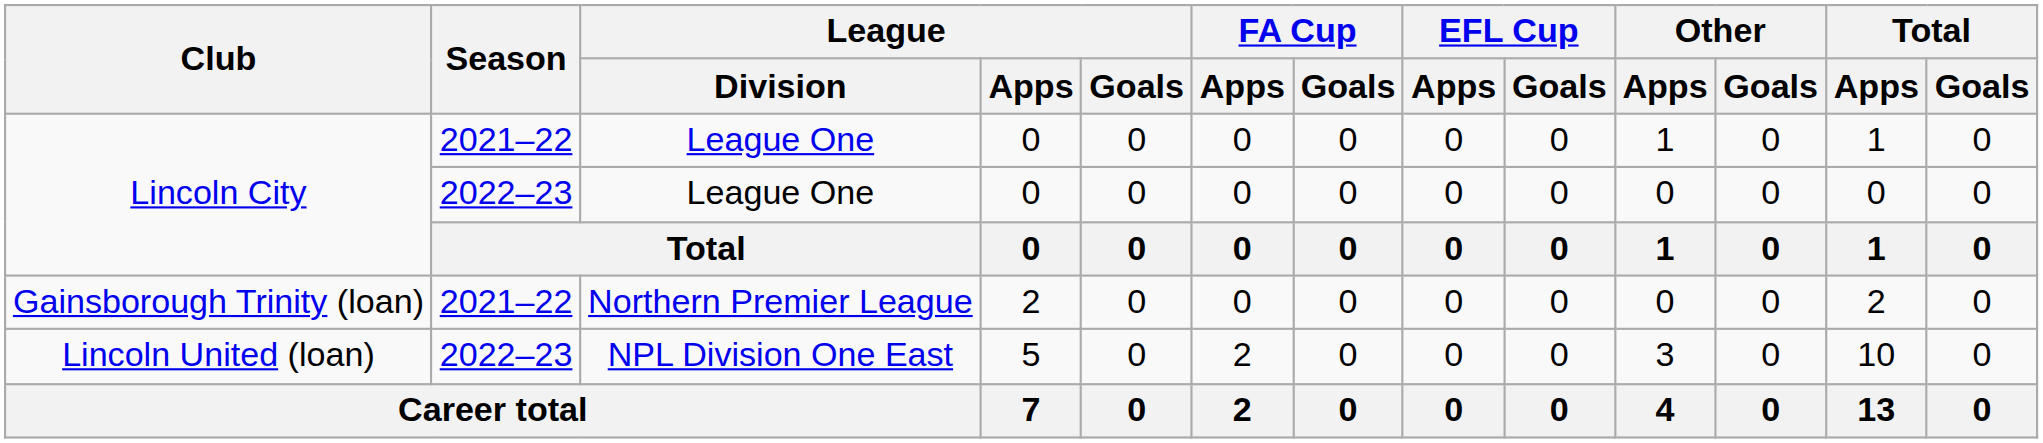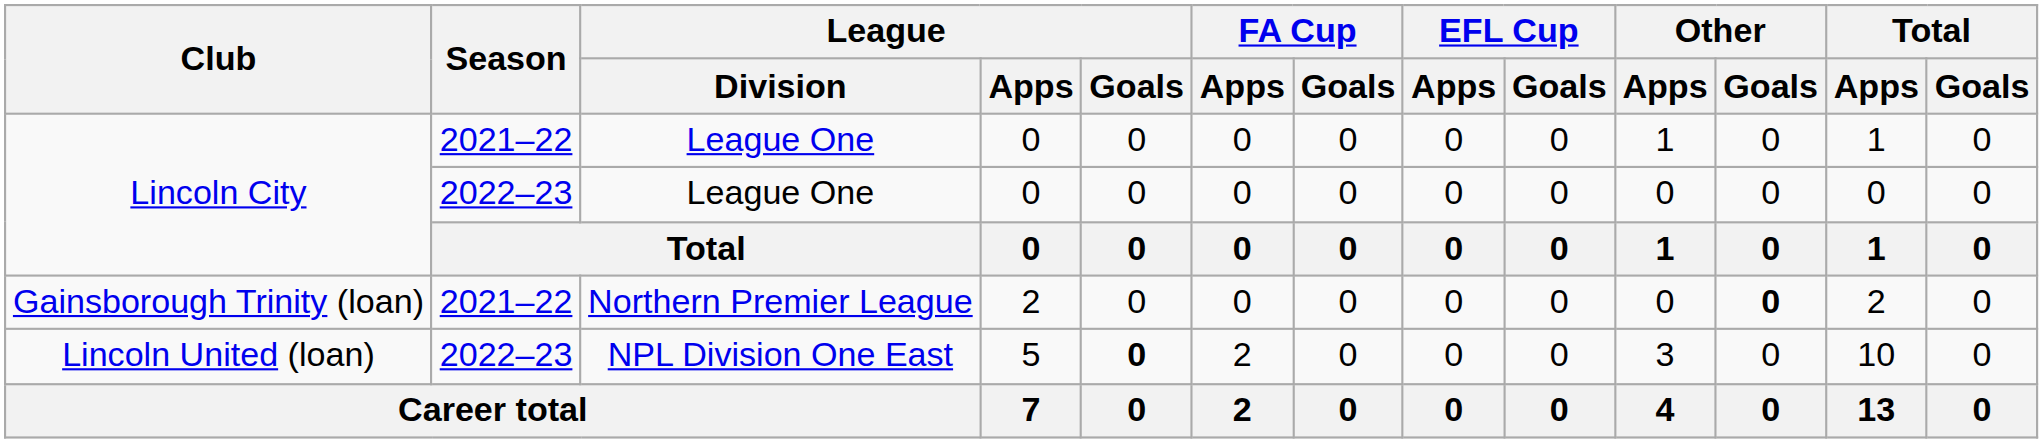 <table class="wikitable" style="text-align:center;">
 <tr>
 <th rowspan="2">Club</th>
 <th rowspan="2">Season</th>
 <th colspan="3">League</th>
 <th colspan="2"><a href='#'>FA Cup</a></th>
 <th colspan="2"><a href='#'>EFL Cup</a></th>
 <th colspan="2">Other</th>
 <th colspan="2">Total</th>
 </tr>
 <tr>
 <th>Division</th>
 <th>Apps</th>
 <th>Goals</th>
 <th>Apps</th>
 <th>Goals</th>
 <th>Apps</th>
 <th>Goals</th>
 <th>Apps</th>
 <th>Goals</th>
 <th>Apps</th>
 <th>Goals</th>
 </tr>
 <tr>
 <td rowspan=3><a href='#'>Lincoln City</a></td>
 <td><a href='#'>2021–22</a></td>
 <td><a href='#'>League One</a></td>
 <td>0</td>
 <td>0</td>
 <td>0</td>
 <td>0</td>
 <td>0</td>
 <td>0</td>
 <td>1</td>
 <td>0</td>
 <td>1</td>
 <td>0</td>
 </tr>
 <tr>
 <td><a href='#'>2022–23</a></td>
 <td>League One</td>
 <td>0</td>
 <td>0</td>
 <td>0</td>
 <td>0</td>
 <td>0</td>
 <td>0</td>
 <td>0</td>
 <td>0</td>
 <td>0</td>
 <td>0</td>
 </tr>
 <tr>
 <th colspan="2">Total</th>
 <th>0</th>
 <th>0</th>
 <th>0</th>
 <th>0</th>
 <th>0</th>
 <th>0</th>
 <th>1</th>
 <th>0</th>
 <th>1</th>
 <th>0</th>
 </tr>
 <tr>
 <td><a href='#'>Gainsborough Trinity</a> (loan)</td>
 <td><a href='#'>2021–22</a></td>
 <td><a href='#'>Northern Premier League</a></td>
 <td>2</td>
 <td>0</td>
 <td>0</td>
 <td>0</td>
 <td>0</td>
 <td>0</td>
 <td>0</td>
-<td>0</td>
+<td><strong>0</strong></td>
 <td>2</td>
 <td>0</td>
 </tr>
 <tr>
 <td><a href='#'>Lincoln United</a> (loan)</td>
 <td><a href='#'>2022–23</a></td>
 <td><a href='#'>NPL Division One East</a></td>
 <td>5</td>
-<td>0</td>
+<td><strong>0</strong></td>
 <td>2</td>
 <td>0</td>
 <td>0</td>
 <td>0</td>
 <td>3</td>
 <td>0</td>
 <td>10</td>
 <td>0</td>
 </tr>
 <tr>
 <th colspan="3">Career total</th>
 <th>7</th>
 <th>0</th>
 <th>2</th>
 <th>0</th>
 <th>0</th>
 <th>0</th>
 <th>4</th>
 <th>0</th>
 <th>13</th>
 <th>0</th>
 </tr>
 </table>
